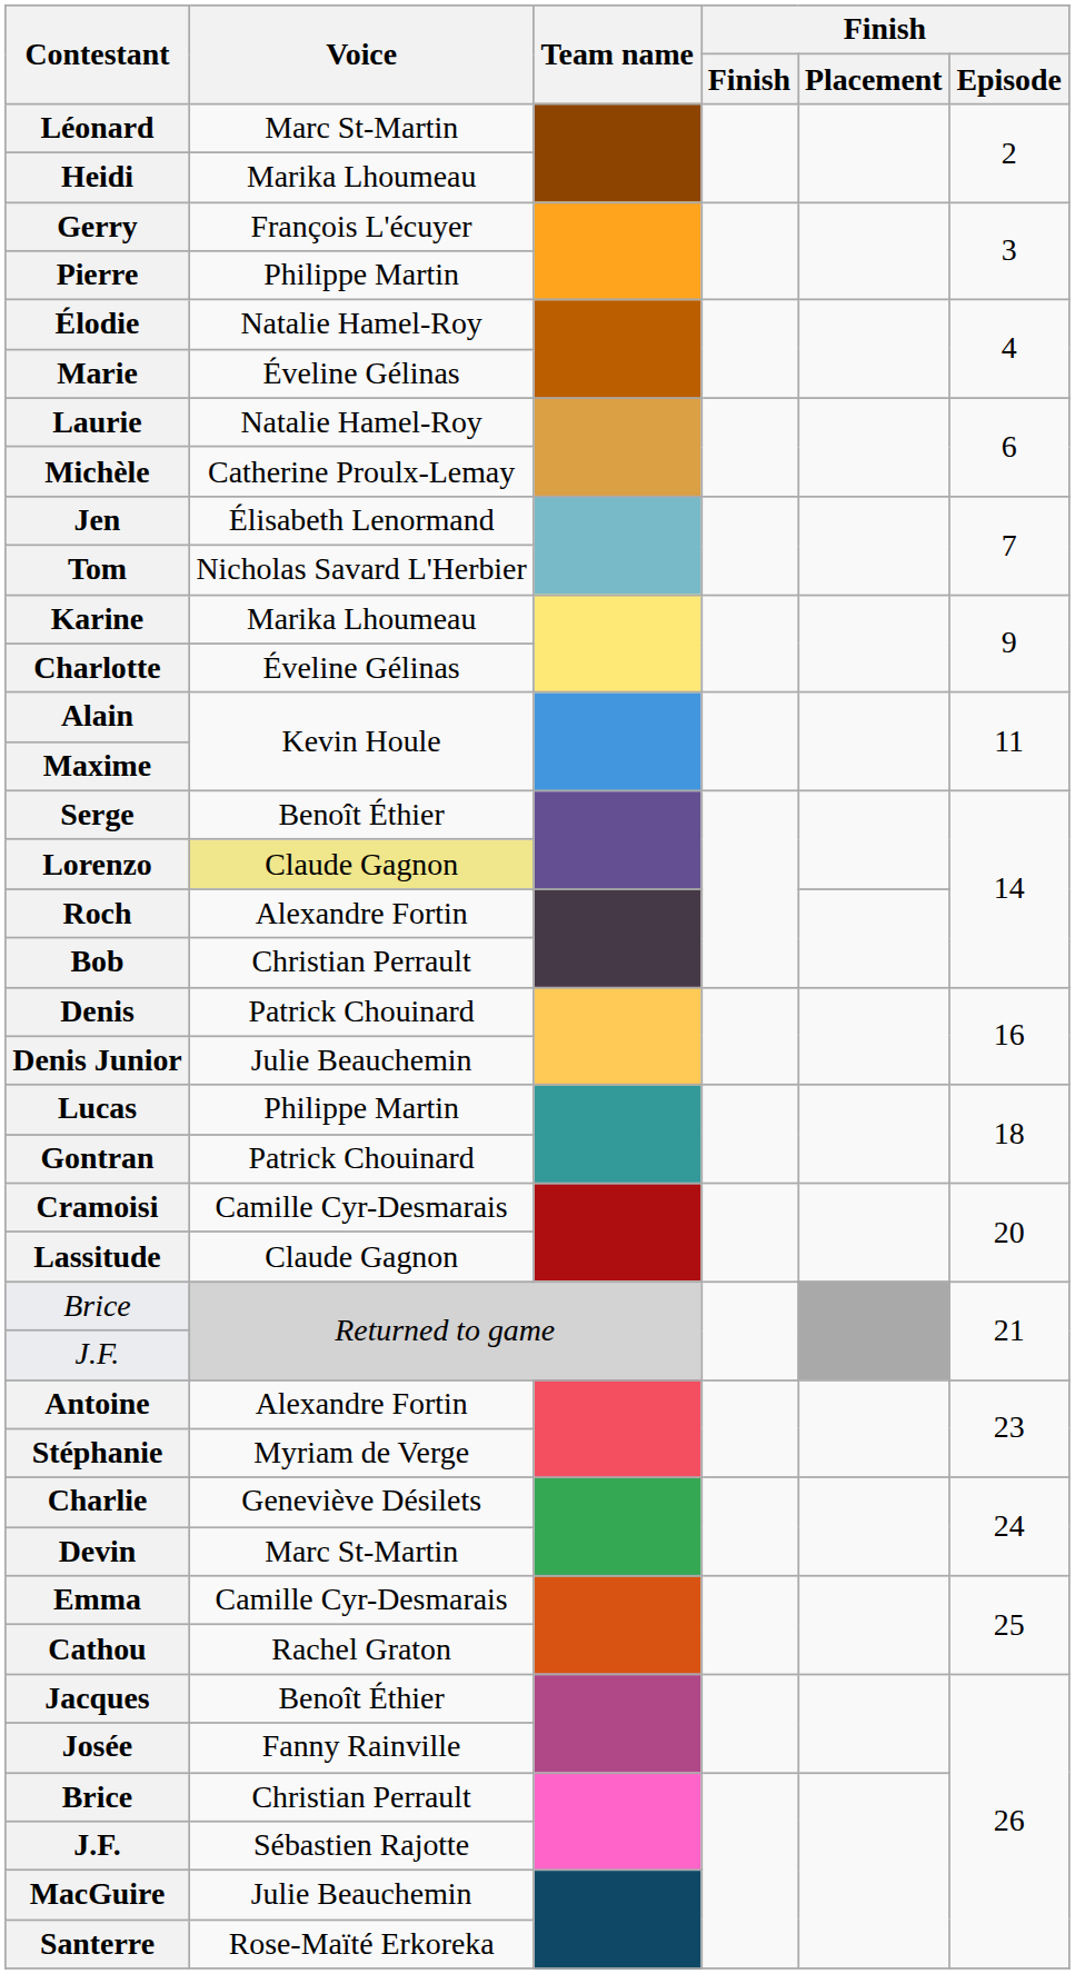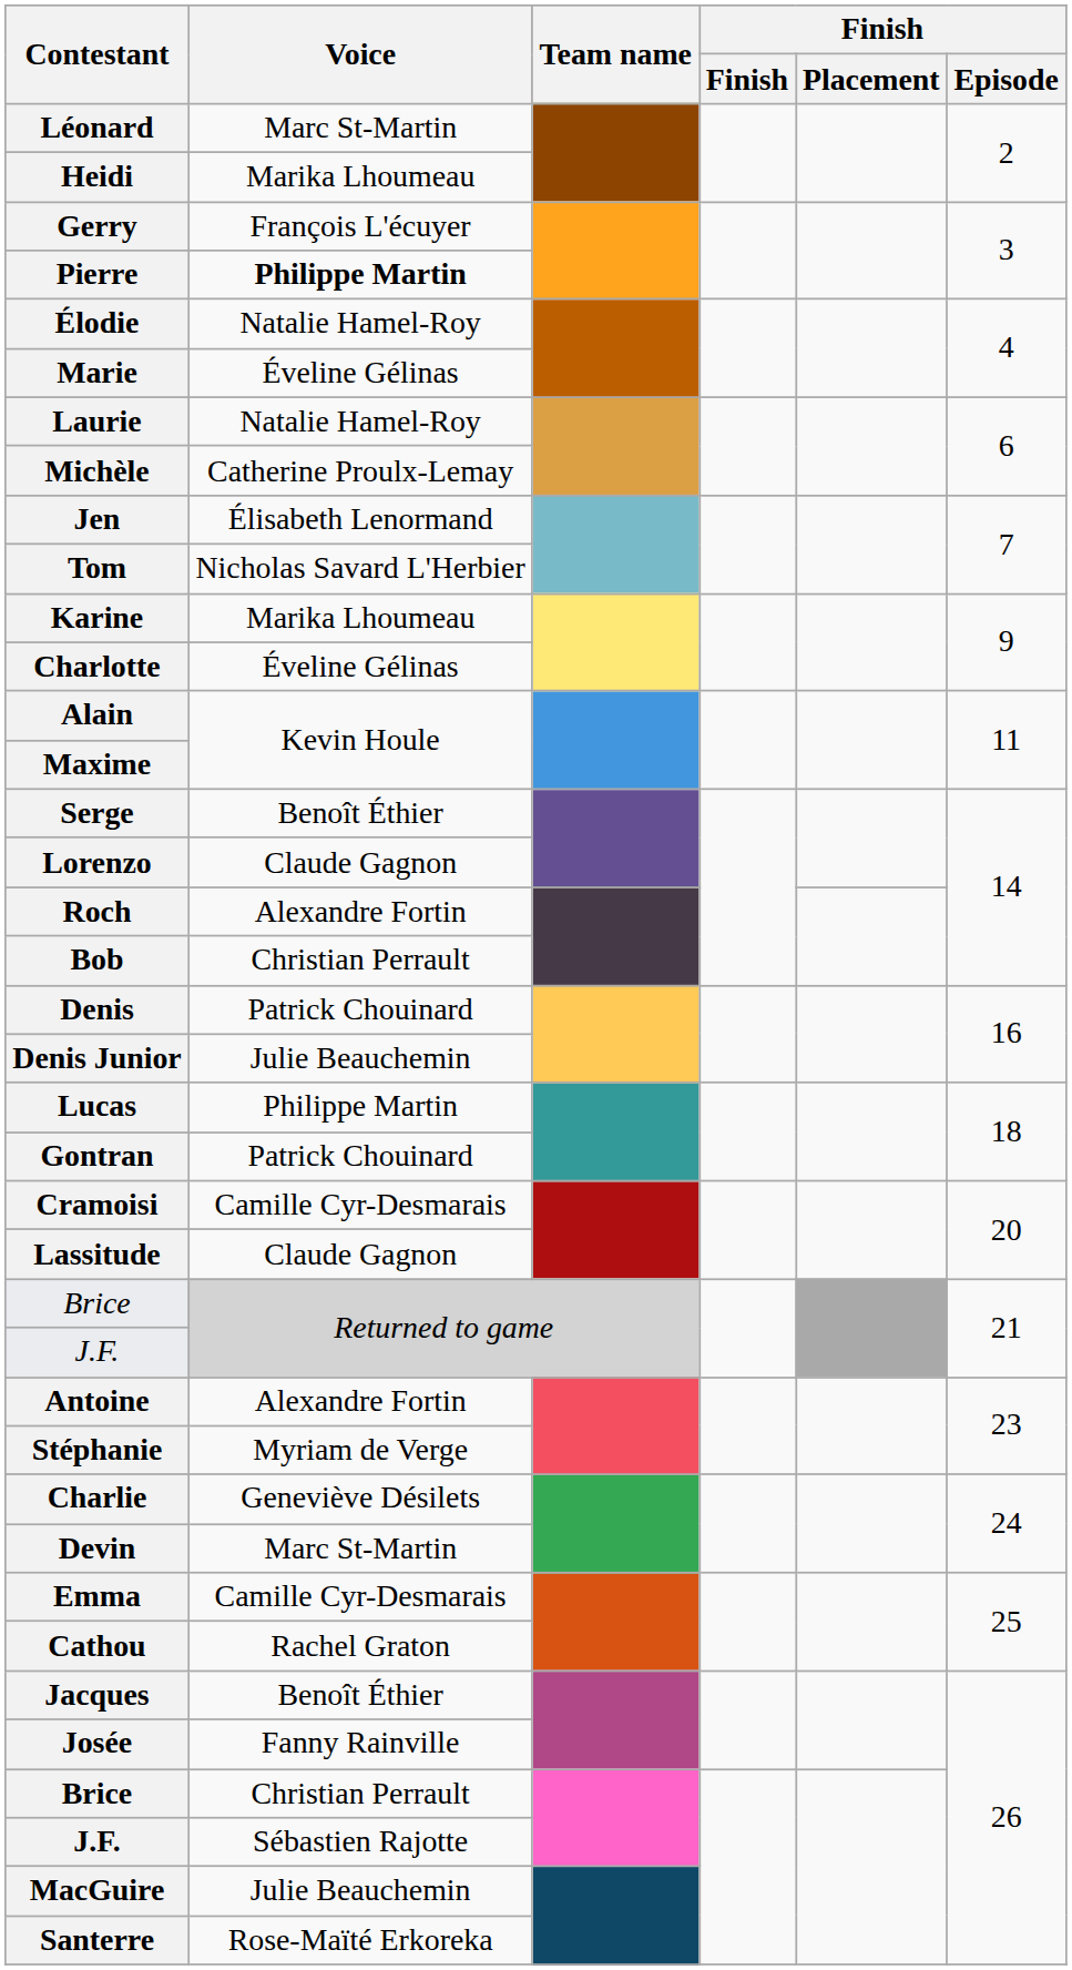 <table class="wikitable sortable" style="text-align:center;">
 <tr>
 <th rowspan="2" scope="col">Contestant</th>
 <th rowspan="2" class="unsortable">Voice</th>
 <th rowspan="2" class="unsortable" scope="col">Team name</th>
 <th colspan="4" scope="col">Finish</th>
 </tr>
 <tr>
 <th>Finish</th>
 <th>Placement</th>
 <th>Episode</th>
 </tr>
 <tr>
 <th scope="row">Léonard</th>
 <td>Marc St-Martin</td>
 <td rowspan="2" bgcolor=#8d4400></td>
 <td rowspan="2"></td>
 <td rowspan="2"></td>
 <td rowspan="2">2</td>
 </tr>
 <tr>
 <th scope="row">Heidi</th>
 <td>Marika Lhoumeau</td>
 </tr>
 <tr>
 <th scope="row">Gerry</th>
 <td>François L'écuyer</td>
 <td rowspan="2" bgcolor=#ffa41c></td>
 <td rowspan="2"></td>
 <td rowspan="2"></td>
 <td rowspan="2">3</td>
 </tr>
 <tr>
 <th scope="row">Pierre</th>
-<td>Philippe Martin</td>
+<td><strong>Philippe Martin</strong></td>
 </tr>
 <tr>
 <th scope="row">Élodie</th>
 <td>Natalie Hamel-Roy</td>
 <td rowspan="2" bgcolor=#bb5e00></td>
 <td rowspan="2"></td>
 <td rowspan="2"></td>
 <td rowspan="2">4</td>
 </tr>
 <tr>
 <th scope="row">Marie</th>
 <td>Éveline Gélinas</td>
 </tr>
 <tr>
 <th scope="row">Laurie</th>
 <td>Natalie Hamel-Roy</td>
 <td rowspan="2" bgcolor=#db9f44></td>
 <td rowspan="2"></td>
 <td rowspan="2"></td>
 <td rowspan="2">6</td>
 </tr>
 <tr>
 <th scope="row">Michèle</th>
 <td>Catherine Proulx-Lemay</td>
 </tr>
 <tr>
 <th scope="row">Jen</th>
 <td>Élisabeth Lenormand</td>
 <td rowspan="2" bgcolor=#79bac8></td>
 <td rowspan="2"></td>
 <td rowspan="2"></td>
 <td rowspan="2">7</td>
 </tr>
 <tr>
 <th scope="row">Tom</th>
 <td>Nicholas Savard L'Herbier</td>
 </tr>
 <tr>
 <th scope="row">Karine</th>
 <td>Marika Lhoumeau</td>
 <td rowspan="2" bgcolor=#ffe976></td>
 <td rowspan="2"></td>
 <td rowspan="2"></td>
 <td rowspan="2">9</td>
 </tr>
 <tr>
 <th scope="row">Charlotte</th>
 <td>Éveline Gélinas</td>
 </tr>
 <tr>
 <th scope="row">Alain</th>
 <td rowspan="2">Kevin Houle</td>
 <td rowspan="2" bgcolor=#4296de></td>
 <td rowspan="2"></td>
 <td rowspan="2"></td>
 <td rowspan="2">11</td>
 </tr>
 <tr>
 <th scope="row">Maxime</th>
 </tr>
 <tr>
 <th scope="row">Serge</th>
 <td>Benoît Éthier</td>
 <td rowspan="2" bgcolor=#644f92></td>
 <td rowspan="4"></td>
 <td rowspan="2"></td>
 <td rowspan="4">14</td>
 </tr>
 <tr>
 <th scope="row">Lorenzo</th>
-<td style="background: khaki;">Claude Gagnon</td>
+<td>Claude Gagnon</td>
 </tr>
 <tr>
 <th scope="row">Roch</th>
 <td>Alexandre Fortin</td>
 <td rowspan="2" bgcolor=#463947></td>
 <td rowspan="2"></td>
 </tr>
 <tr>
 <th scope="row">Bob</th>
 <td>Christian Perrault</td>
 </tr>
 <tr>
 <th scope="row">Denis</th>
 <td>Patrick Chouinard</td>
 <td rowspan="2" bgcolor=#ffca55></td>
 <td rowspan="2"></td>
 <td rowspan="2"></td>
 <td rowspan="2">16</td>
 </tr>
 <tr>
 <th scope="row">Denis Junior</th>
 <td>Julie Beauchemin</td>
 </tr>
 <tr>
 <th scope="row">Lucas</th>
 <td>Philippe Martin</td>
 <td rowspan="2" bgcolor=#339999></td>
 <td rowspan="2"></td>
 <td rowspan="2"></td>
 <td rowspan="2">18</td>
 </tr>
 <tr>
 <th scope="row">Gontran</th>
 <td>Patrick Chouinard</td>
 </tr>
 <tr>
 <th scope="row">Cramoisi</th>
 <td>Camille Cyr-Desmarais</td>
 <td rowspan="2" bgcolor=#af0e11></td>
 <td rowspan="2"></td>
 <td rowspan="2"></td>
 <td rowspan="2">20</td>
 </tr>
 <tr>
 <th scope="row">Lassitude</th>
 <td>Claude Gagnon</td>
 </tr>
 <tr>
 <td bgcolor="#eaecf0" scope="row"><em>Brice</em></td>
 <td rowspan="2" bgcolor="lightgrey" colspan="2"><em>Returned to game</em></td>
 <td rowspan="2"></td>
 <td bgcolor="darkgrey" rowspan="2"></td>
 <td rowspan="2">21</td>
 </tr>
 <tr>
 <td bgcolor="eaecf0" scope="row"><em>J.F.</em></td>
 </tr>
 <tr>
 <th scope="row">Antoine</th>
 <td>Alexandre Fortin</td>
 <td rowspan="2" bgcolor=#f34f60></td>
 <td rowspan="2"></td>
 <td rowspan="2"></td>
 <td rowspan="2">23</td>
 </tr>
 <tr>
 <th scope="row">Stéphanie</th>
 <td>Myriam de Verge</td>
 </tr>
 <tr>
 <th scope="row">Charlie</th>
 <td>Geneviève Désilets</td>
 <td rowspan="2" bgcolor=#34a853></td>
 <td rowspan="2"></td>
 <td rowspan="2"></td>
 <td rowspan="2">24</td>
 </tr>
 <tr>
 <th scope="row">Devin</th>
 <td>Marc St-Martin</td>
 </tr>
 <tr>
 <th scope="row">Emma</th>
 <td>Camille Cyr-Desmarais</td>
 <td rowspan="2" bgcolor=#d85312></td>
 <td rowspan="2"></td>
 <td rowspan="2"></td>
 <td rowspan="2">25</td>
 </tr>
 <tr>
 <th scope="row">Cathou</th>
 <td>Rachel Graton</td>
 </tr>
 <tr>
 <th scope="row">Jacques</th>
 <td>Benoît Éthier</td>
 <td rowspan="2" bgcolor=#b04787></td>
 <td rowspan="2"></td>
 <td rowspan="2"></td>
 <td rowspan="6">26</td>
 </tr>
 <tr>
 <th scope="row">Josée</th>
 <td>Fanny Rainville</td>
 </tr>
 <tr>
 <th scope="row">Brice</th>
 <td>Christian Perrault</td>
 <td rowspan="2" bgcolor=#ff64c9></td>
 <td rowspan="4"></td>
 <td rowspan="4"></td>
 </tr>
 <tr>
 <th scope="row">J.F.</th>
 <td>Sébastien Rajotte</td>
 </tr>
 <tr>
 <th scope="row">MacGuire</th>
 <td>Julie Beauchemin</td>
 <td rowspan="2" bgcolor=#0f4866></td>
 </tr>
 <tr>
 <th scope="row">Santerre</th>
 <td>Rose-Maïté Erkoreka</td>
 </tr>
 </table>
